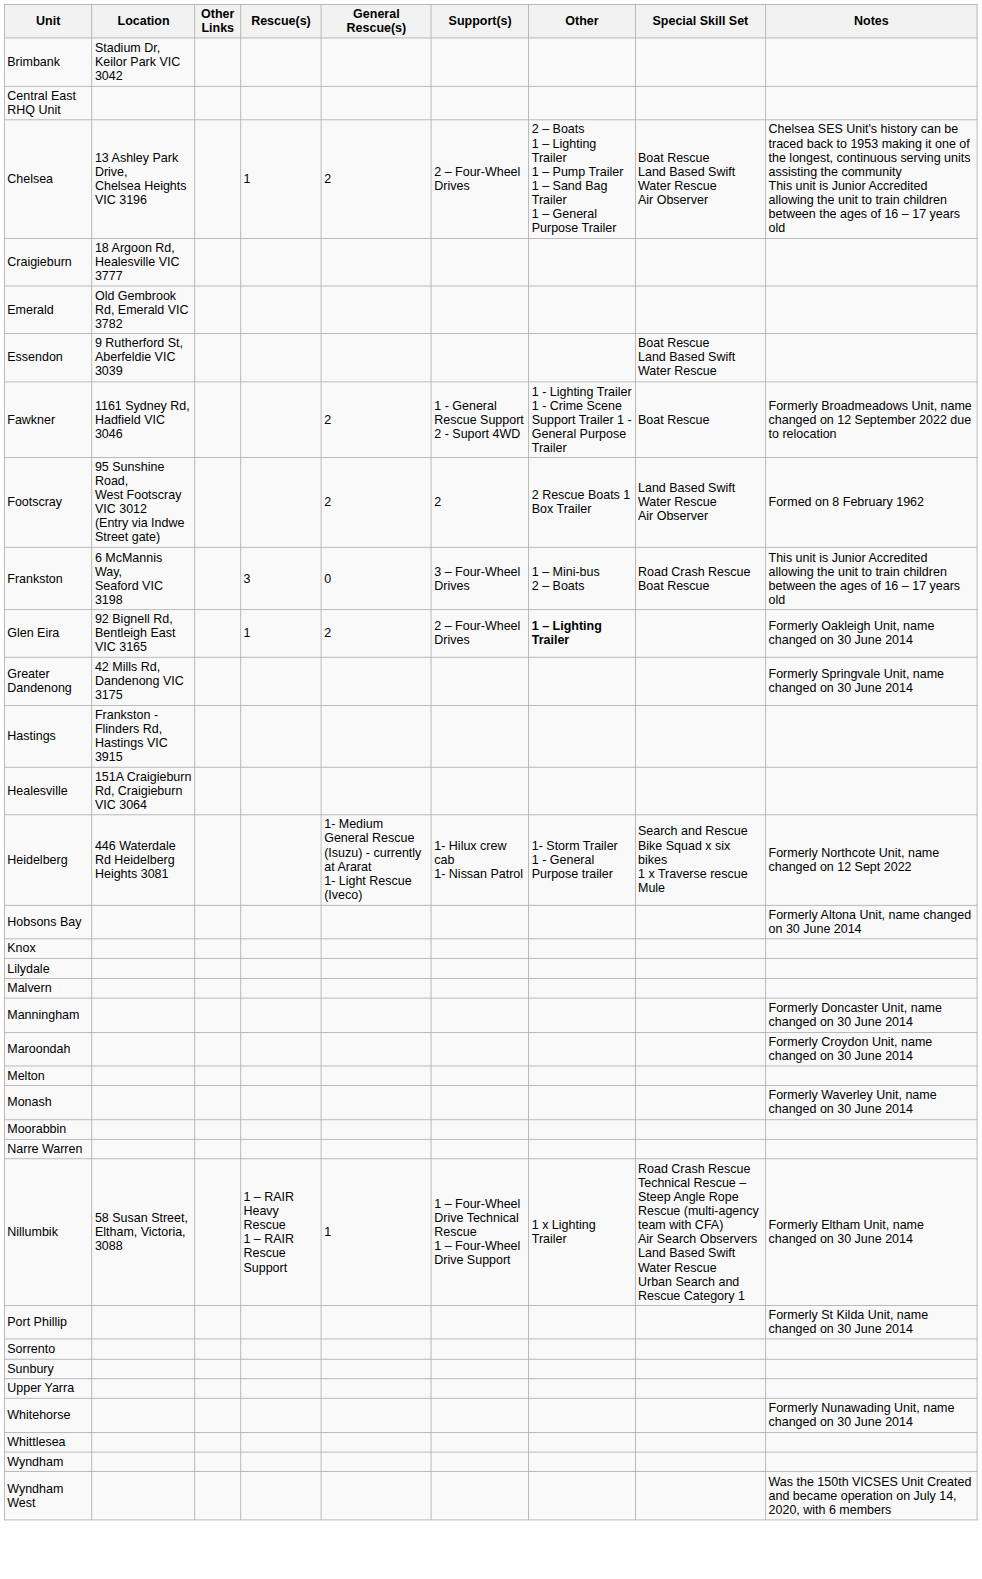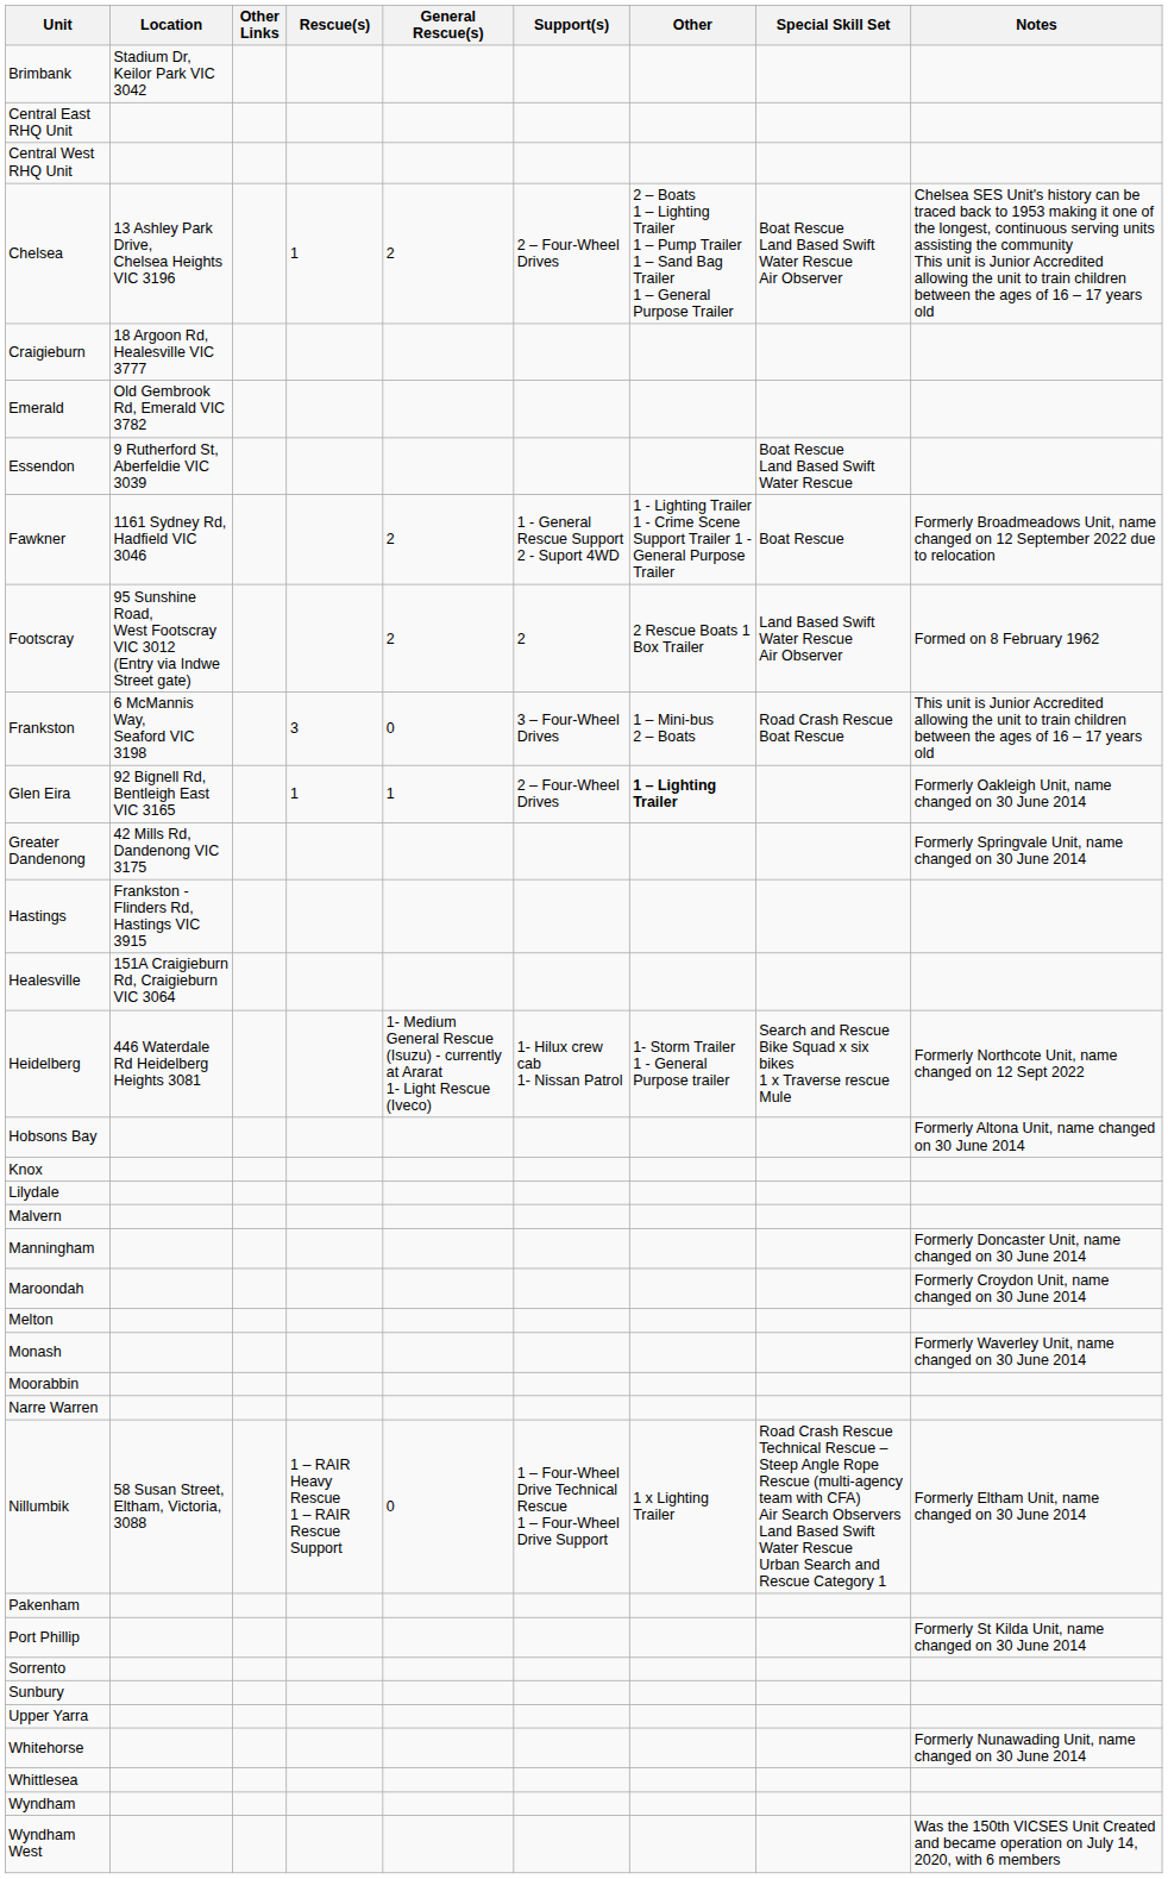 <table class="wikitable sortable">
 <tr>
 <th>Unit</th>
 <th>Location</th>
 <th>Other Links</th>
 <th>Rescue(s)</th>
 <th>General Rescue(s)</th>
 <th>Support(s)</th>
 <th>Other</th>
 <th>Special Skill Set</th>
 <th>Notes</th>
 </tr>
 <tr>
 <td>Brimbank</td>
 <td>Stadium Dr,<br>Keilor Park VIC 3042<br></td>
 <td></td>
 <td></td>
 <td></td>
 <td></td>
 <td></td>
 <td></td>
 <td></td>
 </tr>
 <tr>
 <td>Central East RHQ Unit</td>
+<td></td>
+<td></td>
+<td></td>
+<td></td>
+<td></td>
+<td></td>
+<td></td>
+<td></td>
+</tr>
+<tr>
+<td>Central West RHQ Unit</td>
 <td></td>
 <td></td>
 <td></td>
 <td></td>
 <td></td>
 <td></td>
 <td></td>
 <td></td>
 </tr>
 <tr>
 <td>Chelsea</td>
 <td>13 Ashley Park Drive,<br>Chelsea Heights VIC 3196<br></td>
 <td><br><br></td>
 <td>1</td>
 <td>2</td>
 <td>2 – Four-Wheel Drives</td>
 <td>2 – Boats<br>1 – Lighting Trailer<br>1 – Pump Trailer<br>1 – Sand Bag Trailer<br>1 – General Purpose Trailer</td>
 <td>Boat Rescue<br>Land Based Swift Water Rescue<br>Air Observer</td>
 <td>Chelsea SES Unit's history can be traced back to 1953 making it one of the longest, continuous serving units assisting the community<br>This unit is Junior Accredited allowing the unit to train children between the ages of 16 – 17 years old</td>
 </tr>
 <tr>
 <td>Craigieburn</td>
 <td>18 Argoon Rd, Healesville VIC 3777<br></td>
 <td></td>
 <td></td>
 <td></td>
 <td></td>
 <td></td>
 <td></td>
 <td></td>
 </tr>
 <tr>
 <td>Emerald</td>
 <td>Old Gembrook Rd, Emerald VIC 3782<br></td>
 <td></td>
 <td></td>
 <td></td>
 <td></td>
 <td></td>
 <td></td>
 <td></td>
 </tr>
 <tr>
 <td>Essendon</td>
 <td>9 Rutherford St,<br>Aberfeldie VIC 3039<br></td>
 <td></td>
 <td></td>
 <td></td>
 <td></td>
 <td></td>
 <td>Boat Rescue<br>Land Based Swift Water Rescue</td>
 <td></td>
 </tr>
 <tr>
 <td>Fawkner</td>
 <td>1161 Sydney Rd, Hadfield VIC 3046<br></td>
 <td></td>
 <td></td>
 <td>2</td>
 <td>1 - General Rescue Support<br>2 - Suport 4WD</td>
 <td>1 - Lighting Trailer<br>1 - Crime Scene Support Trailer 1 - General Purpose Trailer</td>
 <td>Boat Rescue</td>
 <td>Formerly Broadmeadows Unit, name changed on 12 September 2022 due to relocation</td>
 </tr>
 <tr>
 <td>Footscray</td>
 <td>95 Sunshine Road,<br>West Footscray VIC 3012<br>(Entry via Indwe Street gate)<br></td>
 <td></td>
 <td></td>
 <td>2</td>
 <td>2</td>
 <td>2 Rescue Boats 1 Box Trailer</td>
 <td>Land Based Swift Water Rescue<br>Air Observer</td>
 <td>Formed on 8 February 1962</td>
 </tr>
 <tr>
 <td>Frankston</td>
 <td>6 McMannis Way,<br>Seaford VIC 3198<br></td>
 <td><br></td>
 <td>3</td>
 <td>0</td>
 <td>3 – Four-Wheel Drives</td>
 <td>1 – Mini-bus<br>2 – Boats</td>
 <td>Road Crash Rescue<br>Boat Rescue</td>
 <td>This unit is Junior Accredited allowing the unit to train children between the ages of 16 – 17 years old</td>
 </tr>
 <tr>
 <td>Glen Eira</td>
 <td>92 Bignell Rd,<br>Bentleigh East VIC 3165<br></td>
 <td></td>
 <td>1</td>
-<td>2</td>
+<td>1</td>
 <td>2 – Four-Wheel Drives</td>
 <td><strong>1 – Lighting Trailer</strong></td>
 <td></td>
 <td>Formerly Oakleigh Unit, name changed on 30 June 2014</td>
 </tr>
 <tr>
 <td>Greater Dandenong</td>
 <td>42 Mills Rd,<br>Dandenong VIC 3175<br></td>
 <td></td>
 <td></td>
 <td></td>
 <td></td>
 <td></td>
 <td></td>
 <td>Formerly Springvale Unit, name changed on 30 June 2014</td>
 </tr>
 <tr>
 <td>Hastings</td>
 <td>Frankston - Flinders Rd, Hastings VIC 3915<br></td>
 <td></td>
 <td></td>
 <td></td>
 <td></td>
 <td></td>
 <td></td>
 <td></td>
 </tr>
 <tr>
 <td>Healesville</td>
 <td>151A Craigieburn Rd, Craigieburn VIC 3064<br></td>
 <td></td>
 <td></td>
 <td></td>
 <td></td>
 <td></td>
 <td></td>
 <td></td>
 </tr>
 <tr>
 <td>Heidelberg</td>
 <td>446 Waterdale Rd Heidelberg Heights 3081</td>
 <td></td>
 <td></td>
 <td>1- Medium General Rescue (Isuzu) - currently at Ararat<br>1- Light Rescue (Iveco)</td>
 <td>1- Hilux crew cab<br>1- Nissan Patrol</td>
 <td>1- Storm Trailer<br>1 - General Purpose trailer</td>
 <td>Search and Rescue Bike Squad x six bikes<br>1 x Traverse rescue Mule</td>
 <td>Formerly Northcote Unit, name changed on 12 Sept 2022</td>
 </tr>
 <tr>
 <td>Hobsons Bay</td>
 <td></td>
 <td></td>
 <td></td>
 <td></td>
 <td></td>
 <td></td>
 <td></td>
 <td>Formerly Altona Unit, name changed on 30 June 2014</td>
 </tr>
 <tr>
 <td>Knox</td>
 <td></td>
 <td></td>
 <td></td>
 <td></td>
 <td></td>
 <td></td>
 <td></td>
 <td></td>
 </tr>
 <tr>
 <td>Lilydale</td>
 <td></td>
 <td></td>
 <td></td>
 <td></td>
 <td></td>
 <td></td>
 <td></td>
 <td></td>
 </tr>
 <tr>
 <td>Malvern</td>
 <td></td>
 <td></td>
 <td></td>
 <td></td>
 <td></td>
 <td></td>
 <td></td>
 <td></td>
 </tr>
 <tr>
 <td>Manningham</td>
 <td></td>
 <td></td>
 <td></td>
 <td></td>
 <td></td>
 <td></td>
 <td></td>
 <td>Formerly Doncaster Unit, name changed on 30 June 2014</td>
 </tr>
 <tr>
 <td>Maroondah</td>
 <td></td>
 <td></td>
 <td></td>
 <td></td>
 <td></td>
 <td></td>
 <td></td>
 <td>Formerly Croydon Unit, name changed on 30 June 2014</td>
 </tr>
 <tr>
 <td>Melton</td>
 <td></td>
 <td></td>
 <td></td>
 <td></td>
 <td></td>
 <td></td>
 <td></td>
 <td></td>
 </tr>
 <tr>
 <td>Monash</td>
 <td></td>
 <td><br></td>
 <td></td>
 <td></td>
 <td></td>
 <td></td>
 <td></td>
 <td>Formerly Waverley Unit, name changed on 30 June 2014</td>
 </tr>
 <tr>
 <td>Moorabbin</td>
 <td></td>
 <td></td>
 <td></td>
 <td></td>
 <td></td>
 <td></td>
 <td></td>
 <td></td>
 </tr>
 <tr>
 <td>Narre Warren</td>
 <td></td>
 <td></td>
 <td></td>
 <td></td>
 <td></td>
 <td></td>
 <td></td>
 <td></td>
 </tr>
 <tr>
 <td>Nillumbik</td>
 <td>58 Susan Street, Eltham, Victoria, 3088</td>
 <td><br></td>
 <td>1 – RAIR Heavy Rescue<br>1 – RAIR Rescue Support</td>
-<td>1</td>
+<td>0</td>
 <td>1 – Four-Wheel Drive Technical Rescue<br>1 – Four-Wheel Drive Support</td>
 <td>1 x Lighting Trailer</td>
 <td>Road Crash Rescue<br>Technical Rescue – Steep Angle Rope Rescue (multi-agency team with CFA)<br>Air Search Observers<br>Land Based Swift Water Rescue<br>Urban Search and Rescue Category 1</td>
 <td>Formerly Eltham Unit, name changed on 30 June 2014</td>
+</tr>
+<tr>
+<td>Pakenham</td>
+<td></td>
+<td></td>
+<td></td>
+<td></td>
+<td></td>
+<td></td>
+<td></td>
+<td></td>
 </tr>
 <tr>
 <td>Port Phillip</td>
 <td></td>
 <td></td>
 <td></td>
 <td></td>
 <td></td>
 <td></td>
 <td></td>
 <td>Formerly St Kilda Unit, name changed on 30 June 2014</td>
 </tr>
 <tr>
 <td>Sorrento</td>
 <td></td>
 <td></td>
 <td></td>
 <td></td>
 <td></td>
 <td></td>
 <td></td>
 <td></td>
 </tr>
 <tr>
 <td>Sunbury</td>
 <td></td>
 <td></td>
 <td></td>
 <td></td>
 <td></td>
 <td></td>
 <td></td>
 <td></td>
 </tr>
 <tr>
 <td>Upper Yarra</td>
 <td></td>
 <td></td>
 <td></td>
 <td></td>
 <td></td>
 <td></td>
 <td></td>
 <td></td>
 </tr>
 <tr>
 <td>Whitehorse</td>
 <td></td>
 <td></td>
 <td></td>
 <td></td>
 <td></td>
 <td></td>
 <td></td>
 <td>Formerly Nunawading Unit, name changed on 30 June 2014</td>
 </tr>
 <tr>
 <td>Whittlesea</td>
 <td></td>
 <td></td>
 <td></td>
 <td></td>
 <td></td>
 <td></td>
 <td></td>
 <td></td>
 </tr>
 <tr>
 <td>Wyndham</td>
 <td></td>
 <td></td>
 <td></td>
 <td></td>
 <td></td>
 <td></td>
 <td></td>
 <td></td>
 </tr>
 <tr>
 <td>Wyndham West</td>
 <td></td>
 <td></td>
 <td></td>
 <td></td>
 <td></td>
 <td></td>
 <td></td>
 <td>Was the 150th VICSES Unit Created and became operation on July 14, 2020, with 6 members</td>
 </tr>
 </table>
